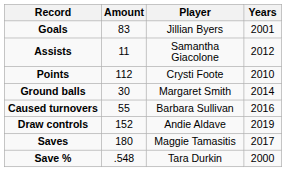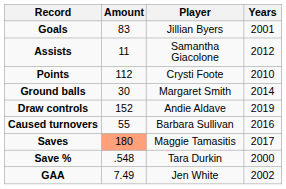 <table class="wikitable">
 <tr>
 <th style="width:140px; ">Record</th>
 <th style="width:35px; ">Amount</th>
 <th style="width:140px; ">Player</th>
 <th style="width:50px; ">Years</th>
 </tr>
 <tr style="text-align:center;">
 <td><strong>Goals</strong></td>
 <td>83</td>
 <td>Jillian Byers</td>
 <td>2001</td>
 </tr>
 <tr style="text-align:center;">
 <td><strong>Assists</strong></td>
 <td>11</td>
 <td>Samantha Giacolone</td>
 <td>2012</td>
 </tr>
 <tr style="text-align:center;">
 <td><strong>Points</strong></td>
 <td>112</td>
 <td>Crysti Foote</td>
 <td>2010</td>
 </tr>
 <tr style="text-align:center;">
 <td><strong>Ground balls</strong></td>
 <td>30</td>
 <td>Margaret Smith</td>
 <td>2014</td>
 </tr>
 <tr style="text-align:center;">
+<td><strong>Draw controls</strong></td>
+<td>152</td>
+<td>Andie Aldave</td>
+<td>2019</td>
+</tr>
+<tr style="text-align:center;">
 <td><strong>Caused turnovers</strong></td>
 <td>55</td>
 <td>Barbara Sullivan</td>
 <td>2016</td>
 </tr>
 <tr style="text-align:center;">
-<td><strong>Draw controls</strong></td>
-<td>152</td>
-<td>Andie Aldave</td>
-<td>2019</td>
-</tr>
-<tr style="text-align:center;">
 <td><strong>Saves</strong></td>
-<td>180</td>
+<td style="background: lightsalmon;">180</td>
 <td>Maggie Tamasitis</td>
 <td>2017</td>
 </tr>
 <tr style="text-align:center;">
 <td><strong>Save %</strong></td>
 <td>.548</td>
 <td>Tara Durkin</td>
 <td>2000</td>
 </tr>
+<tr style="text-align:center;">
+<td><strong>GAA</strong></td>
+<td>7.49</td>
+<td>Jen White</td>
+<td>2002</td>
+</tr>
 </table>
